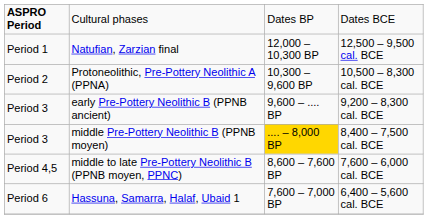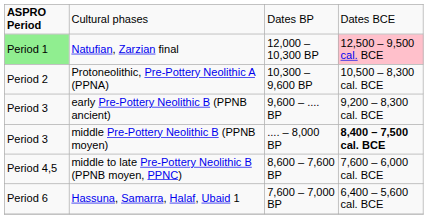 <table align="center" class="wikitable">
 <tr>
 <td><strong>ASPRO Period</strong></td>
 <td>Cultural phases</td>
 <td>Dates BP</td>
 <td>Dates BCE</td>
 </tr>
 <tr>
-<td>Period 1</td>
+<td style="background: lightgreen;">Period 1</td>
 <td><a href='#'>Natufian</a>, <a href='#'>Zarzian</a> final</td>
 <td>12,000 – 10,300 BP</td>
-<td>12,500 – 9,500 <a href='#'>cal.</a> BCE</td>
+<td style="background: pink;">12,500 – 9,500 <a href='#'>cal.</a> BCE</td>
 </tr>
 <tr>
 <td>Period 2</td>
 <td>Protoneolithic, <a href='#'>Pre-Pottery Neolithic A</a> (PPNA)</td>
 <td>10,300 – 9,600 BP</td>
 <td>10,500 – 8,300 cal. BCE</td>
 </tr>
 <tr>
 <td>Period 3</td>
 <td>early <a href='#'>Pre-Pottery Neolithic B</a> (PPNB ancient)</td>
 <td>9,600 – .... BP</td>
 <td>9,200 – 8,300 cal. BCE</td>
 </tr>
 <tr>
 <td>Period 3</td>
 <td>middle <a href='#'>Pre-Pottery Neolithic B</a> (PPNB moyen)</td>
-<td style="background: gold;">.... – 8,000 BP</td>
-<td>8,400 – 7,500 cal. BCE</td>
+<td>.... – 8,000 BP</td>
+<td><strong>8,400 – 7,500 cal. BCE</strong></td>
 </tr>
 <tr>
 <td>Period 4,5</td>
 <td>middle to late <a href='#'>Pre-Pottery Neolithic B</a> (PPNB moyen, <a href='#'>PPNC</a>)</td>
 <td>8,600 – 7,600 BP</td>
 <td>7,600 – 6,000 cal. BCE</td>
 </tr>
 <tr>
 <td>Period 6</td>
 <td><a href='#'>Hassuna</a>, <a href='#'>Samarra</a>, <a href='#'>Halaf</a>, <a href='#'>Ubaid</a> 1</td>
 <td>7,600 – 7,000 BP</td>
 <td>6,400 – 5,600 cal. BCE</td>
 </tr>
 <tr>
 </tr>
 </table>
